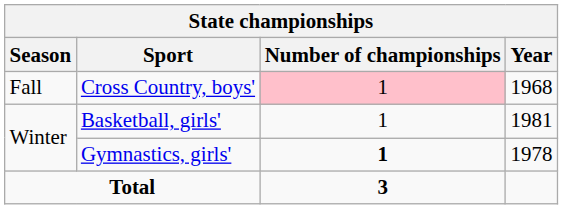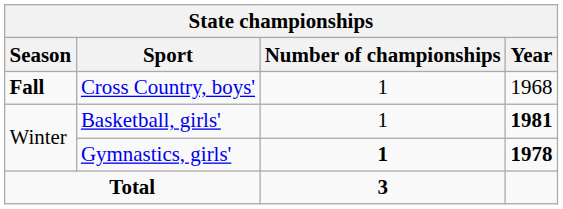 <table class="wikitable">
 <tr>
 <th colspan="6">State championships</th>
 </tr>
 <tr>
 <th>Season</th>
 <th>Sport</th>
 <th>Number of championships</th>
 <th>Year</th>
 </tr>
 <tr>
-<td rowspan="1">Fall</td>
+<td rowspan="1"><strong>Fall</strong></td>
 <td><a href='#'>Cross Country, boys'</a></td>
-<td style="background: pink; text-align:center;">1</td>
+<td style="text-align:center;">1</td>
 <td>1968</td>
 </tr>
 <tr>
 <td rowspan="2">Winter</td>
 <td><a href='#'> Basketball, girls'</a></td>
 <td style="text-align:center;">1</td>
-<td>1981</td>
+<td><strong>1981</strong></td>
 </tr>
 <tr>
 <td><a href='#'>Gymnastics, girls'</a></td>
 <td style="text-align:center;"><strong>1</strong></td>
-<td>1978</td>
+<td><strong>1978</strong></td>
 </tr>
 <tr>
 <td style="text-align:center;" colspan="2"><strong>Total</strong></td>
 <td style="text-align:center;"><strong>3</strong></td>
 <td></td>
 </tr>
 </table>
